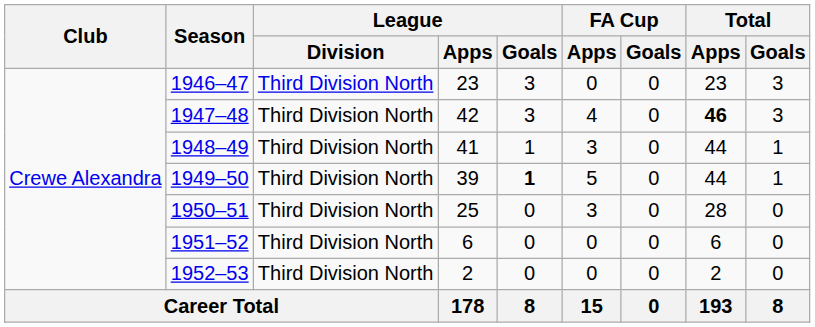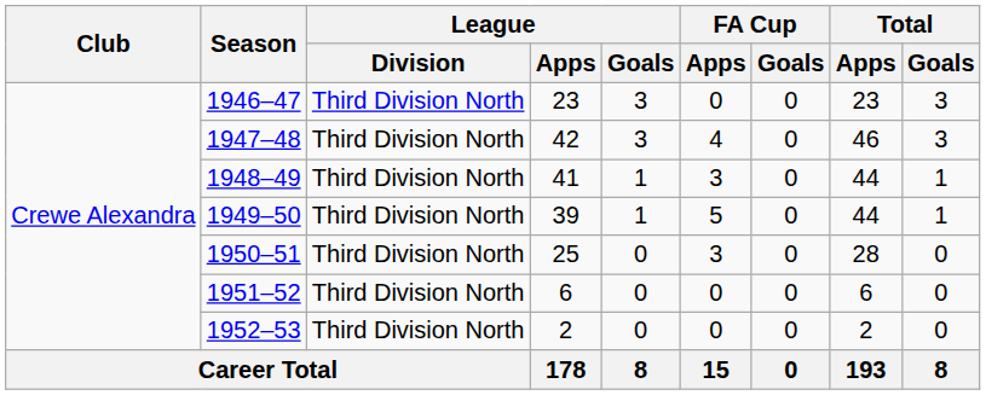 <table class="wikitable" style="text-align: center;">
 <tr>
 <th rowspan="2">Club</th>
 <th rowspan="2">Season</th>
 <th colspan="3">League</th>
 <th colspan="2">FA Cup</th>
 <th colspan="2">Total</th>
 </tr>
 <tr>
 <th>Division</th>
 <th>Apps</th>
 <th>Goals</th>
 <th>Apps</th>
 <th>Goals</th>
 <th>Apps</th>
 <th>Goals</th>
 </tr>
 <tr>
 <td rowspan="7"><a href='#'>Crewe Alexandra</a></td>
 <td><a href='#'>1946–47</a></td>
 <td><a href='#'>Third Division North</a></td>
 <td>23</td>
 <td>3</td>
 <td>0</td>
 <td>0</td>
 <td>23</td>
 <td>3</td>
 </tr>
 <tr>
 <td><a href='#'>1947–48</a></td>
 <td>Third Division North</td>
 <td>42</td>
 <td>3</td>
 <td>4</td>
 <td>0</td>
-<td><strong>46</strong></td>
+<td>46</td>
 <td>3</td>
 </tr>
 <tr>
 <td><a href='#'>1948–49</a></td>
 <td>Third Division North</td>
 <td>41</td>
 <td>1</td>
 <td>3</td>
 <td>0</td>
 <td>44</td>
 <td>1</td>
 </tr>
 <tr>
 <td><a href='#'>1949–50</a></td>
 <td>Third Division North</td>
 <td>39</td>
-<td><strong>1</strong></td>
+<td>1</td>
 <td>5</td>
 <td>0</td>
 <td>44</td>
 <td>1</td>
 </tr>
 <tr>
 <td><a href='#'>1950–51</a></td>
 <td>Third Division North</td>
 <td>25</td>
 <td>0</td>
 <td>3</td>
 <td>0</td>
 <td>28</td>
 <td>0</td>
 </tr>
 <tr>
 <td><a href='#'>1951–52</a></td>
 <td>Third Division North</td>
 <td>6</td>
 <td>0</td>
 <td>0</td>
 <td>0</td>
 <td>6</td>
 <td>0</td>
 </tr>
 <tr>
 <td><a href='#'>1952–53</a></td>
 <td>Third Division North</td>
 <td>2</td>
 <td>0</td>
 <td>0</td>
 <td>0</td>
 <td>2</td>
 <td>0</td>
 </tr>
 <tr>
 <th colspan="3">Career Total</th>
 <th>178</th>
 <th>8</th>
 <th>15</th>
 <th>0</th>
 <th>193</th>
 <th>8</th>
 </tr>
 </table>
